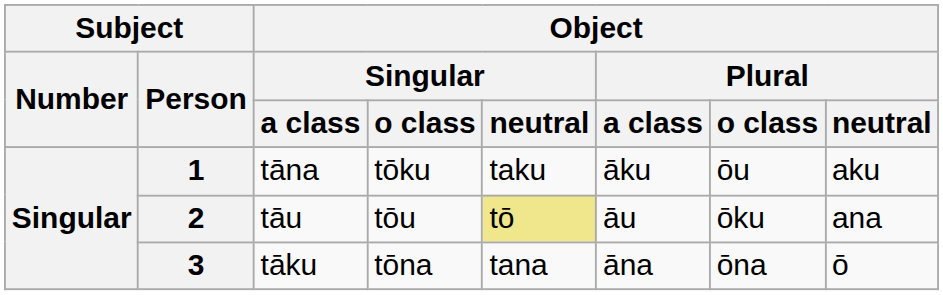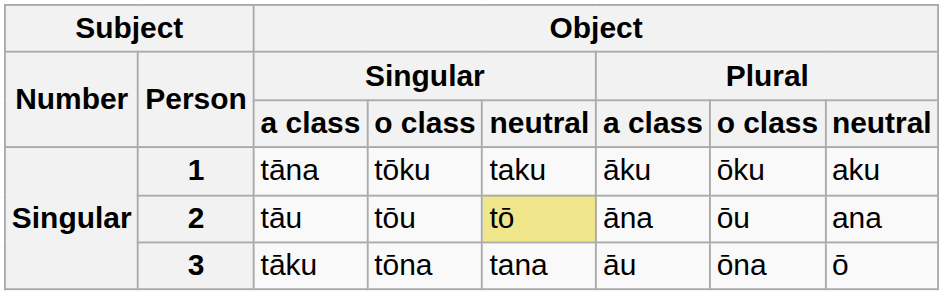 <table class="wikitable">
 <tr>
 <th colspan=2>Subject</th>
 <th colspan=6>Object</th>
 </tr>
 <tr>
 <th rowspan=2>Number</th>
 <th rowspan=2>Person</th>
 <th colspan=3>Singular</th>
 <th colspan=3>Plural</th>
 </tr>
 <tr>
 <th>a class</th>
 <th>o class</th>
 <th>neutral</th>
 <th>a class</th>
 <th>o class</th>
 <th>neutral</th>
 </tr>
 <tr>
 <th rowspan="3" scope="row">Singular</th>
 <th scope="row">1</th>
 <td>tāna</td>
 <td>tōku</td>
 <td>taku</td>
 <td>āku</td>
-<td>ōu</td>
+<td>ōku</td>
 <td>aku</td>
 </tr>
 <tr>
 <th scope="row">2</th>
 <td>tāu</td>
 <td>tōu</td>
 <td style="background: khaki;">tō</td>
-<td>āu</td>
-<td>ōku</td>
+<td>āna</td>
+<td>ōu</td>
 <td>ana</td>
 </tr>
 <tr>
 <th scope="row">3</th>
 <td>tāku</td>
 <td>tōna</td>
 <td>tana</td>
-<td>āna</td>
+<td>āu</td>
 <td>ōna</td>
 <td>ō</td>
 </tr>
 </table>
